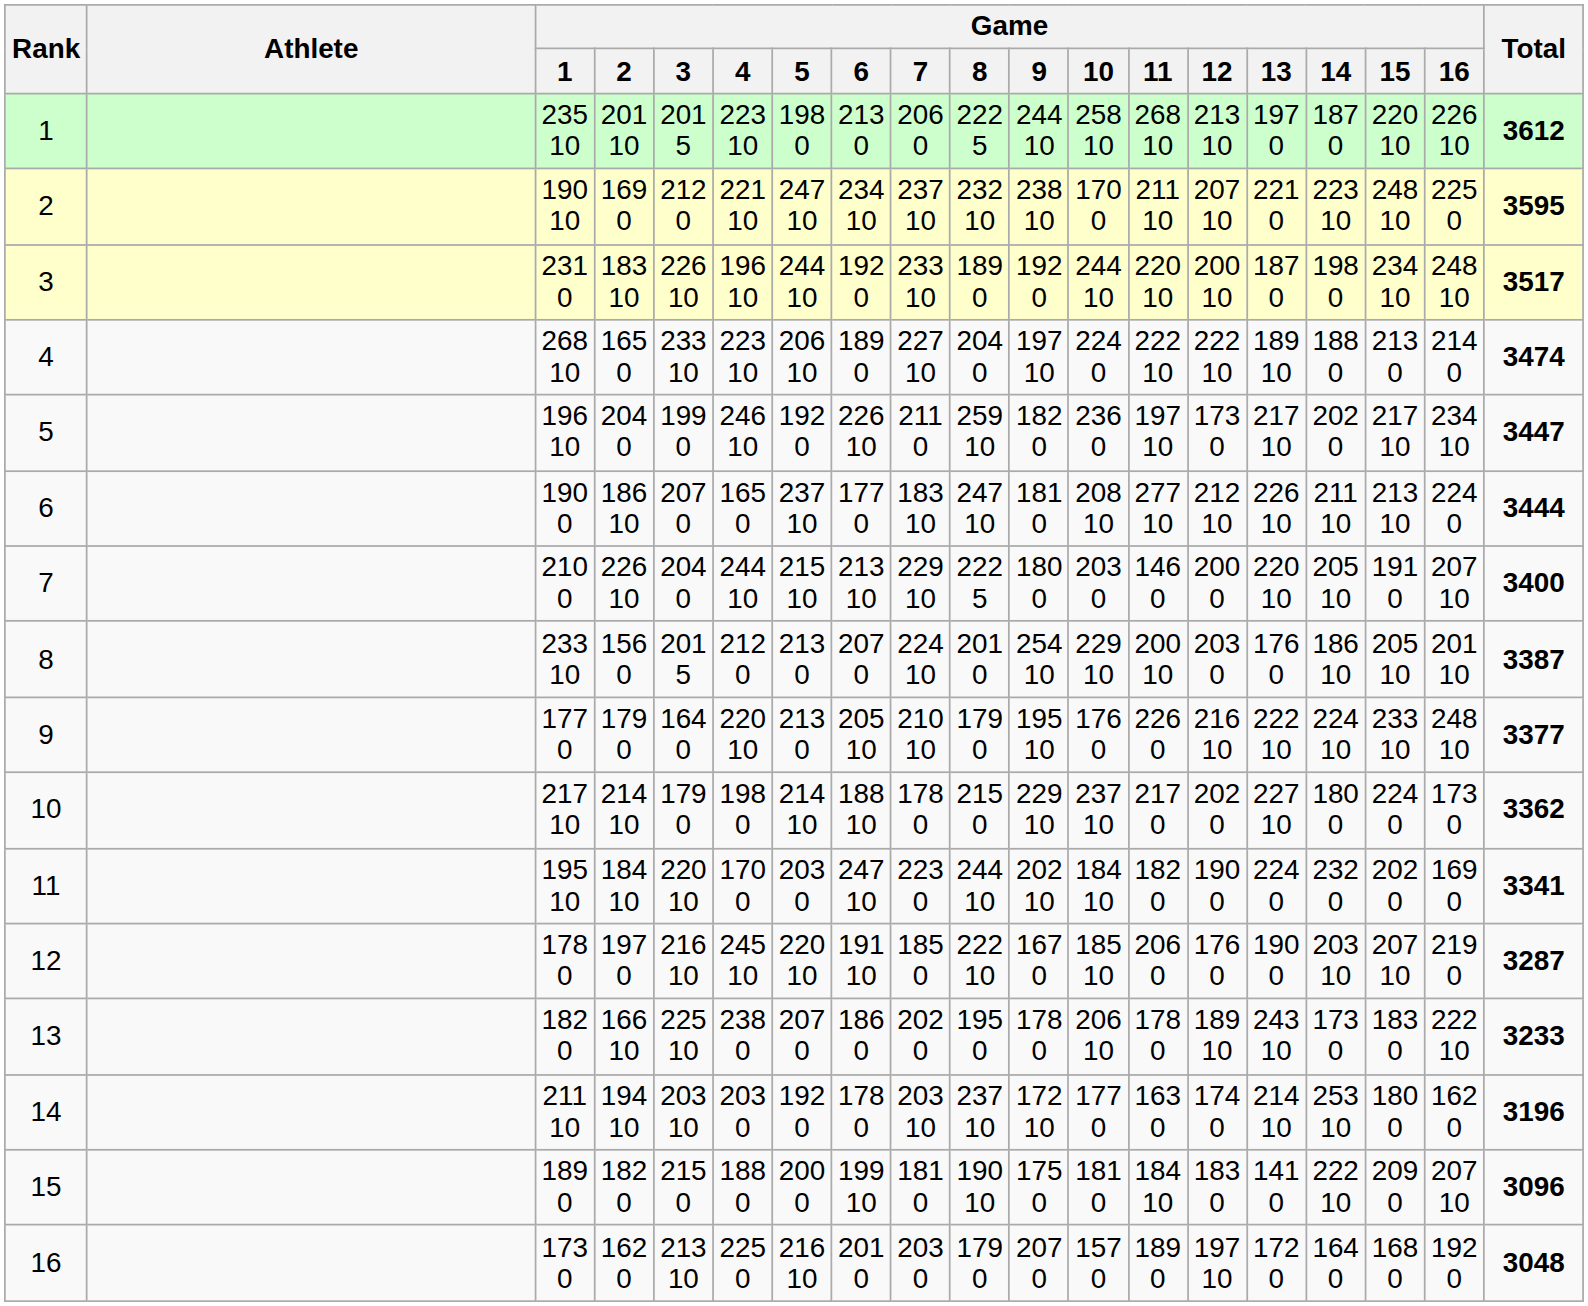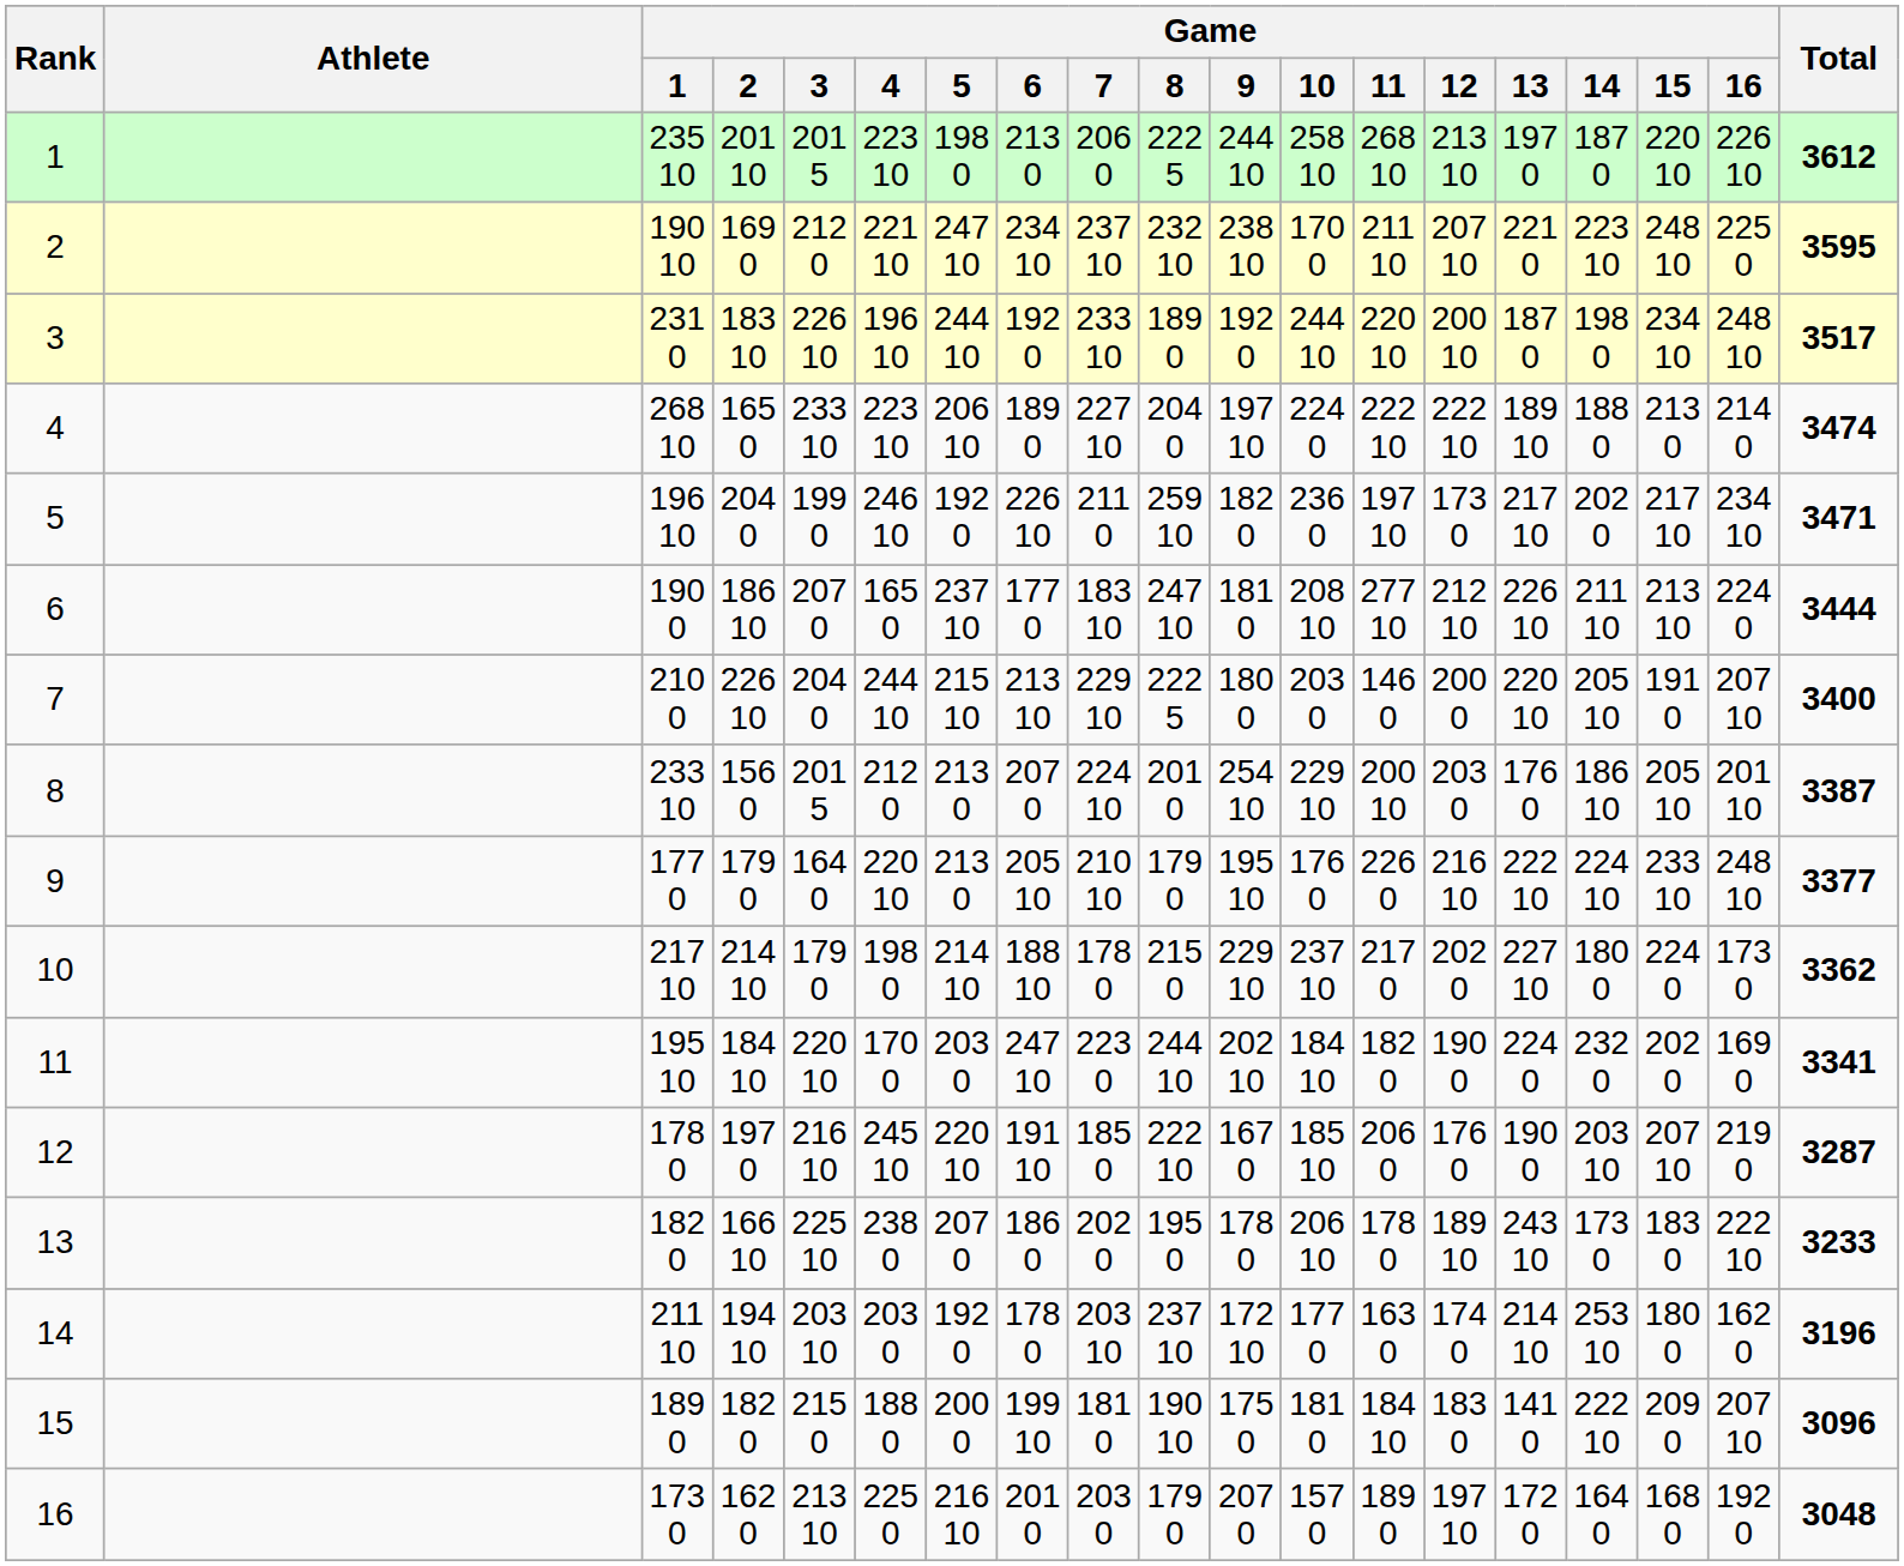 <table class=wikitable style="text-align:center">
 <tr>
 <th rowspan="2" width=40>Rank</th>
 <th rowspan="2" width=250>Athlete</th>
 <th colspan="16">Game</th>
 <th rowspan="2" width=50>Total</th>
 </tr>
 <tr>
 <th width=25>1</th>
 <th width=25>2</th>
 <th width=25>3</th>
 <th width=25>4</th>
 <th width=25>5</th>
 <th width=25>6</th>
 <th width=25>7</th>
 <th width=25>8</th>
 <th width=25>9</th>
 <th width=25>10</th>
 <th width=25>11</th>
 <th width=25>12</th>
 <th width=25>13</th>
 <th width=25>14</th>
 <th width=25>15</th>
 <th width=25>16</th>
 </tr>
 <tr bgcolor="#ccffcc">
 <td>1</td>
 <td align="left"></td>
 <td>235<br>10</td>
 <td>201<br>10</td>
 <td>201<br>5</td>
 <td>223<br>10</td>
 <td>198<br>0</td>
 <td>213<br>0</td>
 <td>206<br>0</td>
 <td>222<br>5</td>
 <td>244<br>10</td>
 <td>258<br>10</td>
 <td>268<br>10</td>
 <td>213<br>10</td>
 <td>197<br>0</td>
 <td>187<br>0</td>
 <td>220<br>10</td>
 <td>226<br>10</td>
 <td><strong>3612</strong></td>
 </tr>
 <tr bgcolor="#ffffcc">
 <td>2</td>
 <td align="left"></td>
 <td>190<br>10</td>
 <td>169<br>0</td>
 <td>212<br>0</td>
 <td>221<br>10</td>
 <td>247<br>10</td>
 <td>234<br>10</td>
 <td>237<br>10</td>
 <td>232<br>10</td>
 <td>238<br>10</td>
 <td>170<br>0</td>
 <td>211<br>10</td>
 <td>207<br>10</td>
 <td>221<br>0</td>
 <td>223<br>10</td>
 <td>248<br>10</td>
 <td>225<br>0</td>
 <td><strong>3595</strong></td>
 </tr>
 <tr bgcolor="#ffffcc">
 <td>3</td>
 <td align="left"></td>
 <td>231<br>0</td>
 <td>183<br>10</td>
 <td>226<br>10</td>
 <td>196<br>10</td>
 <td>244<br>10</td>
 <td>192<br>0</td>
 <td>233<br>10</td>
 <td>189<br>0</td>
 <td>192<br>0</td>
 <td>244<br>10</td>
 <td>220<br>10</td>
 <td>200<br>10</td>
 <td>187<br>0</td>
 <td>198<br>0</td>
 <td>234<br>10</td>
 <td>248<br>10</td>
 <td><strong>3517</strong></td>
 </tr>
 <tr>
 <td>4</td>
 <td align="left"></td>
 <td>268<br>10</td>
 <td>165<br>0</td>
 <td>233<br>10</td>
 <td>223<br>10</td>
 <td>206<br>10</td>
 <td>189<br>0</td>
 <td>227<br>10</td>
 <td>204<br>0</td>
 <td>197<br>10</td>
 <td>224<br>0</td>
 <td>222<br>10</td>
 <td>222<br>10</td>
 <td>189<br>10</td>
 <td>188<br>0</td>
 <td>213<br>0</td>
 <td>214<br>0</td>
 <td><strong>3474</strong></td>
 </tr>
 <tr>
 <td>5</td>
 <td align="left"></td>
 <td>196<br>10</td>
 <td>204<br>0</td>
 <td>199<br>0</td>
 <td>246<br>10</td>
 <td>192<br>0</td>
 <td>226<br>10</td>
 <td>211<br>0</td>
 <td>259<br>10</td>
 <td>182<br>0</td>
 <td>236<br>0</td>
 <td>197<br>10</td>
 <td>173<br>0</td>
 <td>217<br>10</td>
 <td>202<br>0</td>
 <td>217<br>10</td>
 <td>234<br>10</td>
-<td><strong>3447</strong></td>
+<td><strong>3471</strong></td>
 </tr>
 <tr>
 <td>6</td>
 <td align="left"></td>
 <td>190<br>0</td>
 <td>186<br>10</td>
 <td>207<br>0</td>
 <td>165<br>0</td>
 <td>237<br>10</td>
 <td>177<br>0</td>
 <td>183<br>10</td>
 <td>247<br>10</td>
 <td>181<br>0</td>
 <td>208<br>10</td>
 <td>277<br>10</td>
 <td>212<br>10</td>
 <td>226<br>10</td>
 <td>211<br>10</td>
 <td>213<br>10</td>
 <td>224<br>0</td>
 <td><strong>3444</strong></td>
 </tr>
 <tr>
 <td>7</td>
 <td align="left"></td>
 <td>210<br>0</td>
 <td>226<br>10</td>
 <td>204<br>0</td>
 <td>244<br>10</td>
 <td>215<br>10</td>
 <td>213<br>10</td>
 <td>229<br>10</td>
 <td>222<br>5</td>
 <td>180<br>0</td>
 <td>203<br>0</td>
 <td>146<br>0</td>
 <td>200<br>0</td>
 <td>220<br>10</td>
 <td>205<br>10</td>
 <td>191<br>0</td>
 <td>207<br>10</td>
 <td><strong>3400</strong></td>
 </tr>
 <tr>
 <td>8</td>
 <td align="left"></td>
 <td>233<br>10</td>
 <td>156<br>0</td>
 <td>201<br>5</td>
 <td>212<br>0</td>
 <td>213<br>0</td>
 <td>207<br>0</td>
 <td>224<br>10</td>
 <td>201<br>0</td>
 <td>254<br>10</td>
 <td>229<br>10</td>
 <td>200<br>10</td>
 <td>203<br>0</td>
 <td>176<br>0</td>
 <td>186<br>10</td>
 <td>205<br>10</td>
 <td>201<br>10</td>
 <td><strong>3387</strong></td>
 </tr>
 <tr>
 <td>9</td>
 <td align="left"></td>
 <td>177<br>0</td>
 <td>179<br>0</td>
 <td>164<br>0</td>
 <td>220<br>10</td>
 <td>213<br>0</td>
 <td>205<br>10</td>
 <td>210<br>10</td>
 <td>179<br>0</td>
 <td>195<br>10</td>
 <td>176<br>0</td>
 <td>226<br>0</td>
 <td>216<br>10</td>
 <td>222<br>10</td>
 <td>224<br>10</td>
 <td>233<br>10</td>
 <td>248<br>10</td>
 <td><strong>3377</strong></td>
 </tr>
 <tr>
 <td>10</td>
 <td align="left"></td>
 <td>217<br>10</td>
 <td>214<br>10</td>
 <td>179<br>0</td>
 <td>198<br>0</td>
 <td>214<br>10</td>
 <td>188<br>10</td>
 <td>178<br>0</td>
 <td>215<br>0</td>
 <td>229<br>10</td>
 <td>237<br>10</td>
 <td>217<br>0</td>
 <td>202<br>0</td>
 <td>227<br>10</td>
 <td>180<br>0</td>
 <td>224<br>0</td>
 <td>173<br>0</td>
 <td><strong>3362</strong></td>
 </tr>
 <tr>
 <td>11</td>
 <td align="left"></td>
 <td>195<br>10</td>
 <td>184<br>10</td>
 <td>220<br>10</td>
 <td>170<br>0</td>
 <td>203<br>0</td>
 <td>247<br>10</td>
 <td>223<br>0</td>
 <td>244<br>10</td>
 <td>202<br>10</td>
 <td>184<br>10</td>
 <td>182<br>0</td>
 <td>190<br>0</td>
 <td>224<br>0</td>
 <td>232<br>0</td>
 <td>202<br>0</td>
 <td>169<br>0</td>
 <td><strong>3341</strong></td>
 </tr>
 <tr>
 <td>12</td>
 <td align="left"></td>
 <td>178<br>0</td>
 <td>197<br>0</td>
 <td>216<br>10</td>
 <td>245<br>10</td>
 <td>220<br>10</td>
 <td>191<br>10</td>
 <td>185<br>0</td>
 <td>222<br>10</td>
 <td>167<br>0</td>
 <td>185<br>10</td>
 <td>206<br>0</td>
 <td>176<br>0</td>
 <td>190<br>0</td>
 <td>203<br>10</td>
 <td>207<br>10</td>
 <td>219<br>0</td>
 <td><strong>3287</strong></td>
 </tr>
 <tr>
 <td>13</td>
 <td align="left"></td>
 <td>182<br>0</td>
 <td>166<br>10</td>
 <td>225<br>10</td>
 <td>238<br>0</td>
 <td>207<br>0</td>
 <td>186<br>0</td>
 <td>202<br>0</td>
 <td>195<br>0</td>
 <td>178<br>0</td>
 <td>206<br>10</td>
 <td>178<br>0</td>
 <td>189<br>10</td>
 <td>243<br>10</td>
 <td>173<br>0</td>
 <td>183<br>0</td>
 <td>222<br>10</td>
 <td><strong>3233</strong></td>
 </tr>
 <tr>
 <td>14</td>
 <td align="left"></td>
 <td>211<br>10</td>
 <td>194<br>10</td>
 <td>203<br>10</td>
 <td>203<br>0</td>
 <td>192<br>0</td>
 <td>178<br>0</td>
 <td>203<br>10</td>
 <td>237<br>10</td>
 <td>172<br>10</td>
 <td>177<br>0</td>
 <td>163<br>0</td>
 <td>174<br>0</td>
 <td>214<br>10</td>
 <td>253<br>10</td>
 <td>180<br>0</td>
 <td>162<br>0</td>
 <td><strong>3196</strong></td>
 </tr>
 <tr>
 <td>15</td>
 <td align="left"></td>
 <td>189<br>0</td>
 <td>182<br>0</td>
 <td>215<br>0</td>
 <td>188<br>0</td>
 <td>200<br>0</td>
 <td>199<br>10</td>
 <td>181<br>0</td>
 <td>190<br>10</td>
 <td>175<br>0</td>
 <td>181<br>0</td>
 <td>184<br>10</td>
 <td>183<br>0</td>
 <td>141<br>0</td>
 <td>222<br>10</td>
 <td>209<br>0</td>
 <td>207<br>10</td>
 <td><strong>3096</strong></td>
 </tr>
 <tr>
 <td>16</td>
 <td align="left"></td>
 <td>173<br>0</td>
 <td>162<br>0</td>
 <td>213<br>10</td>
 <td>225<br>0</td>
 <td>216<br>10</td>
 <td>201<br>0</td>
 <td>203<br>0</td>
 <td>179<br>0</td>
 <td>207<br>0</td>
 <td>157<br>0</td>
 <td>189<br>0</td>
 <td>197<br>10</td>
 <td>172<br>0</td>
 <td>164<br>0</td>
 <td>168<br>0</td>
 <td>192<br>0</td>
 <td><strong>3048</strong></td>
 </tr>
 </table>
